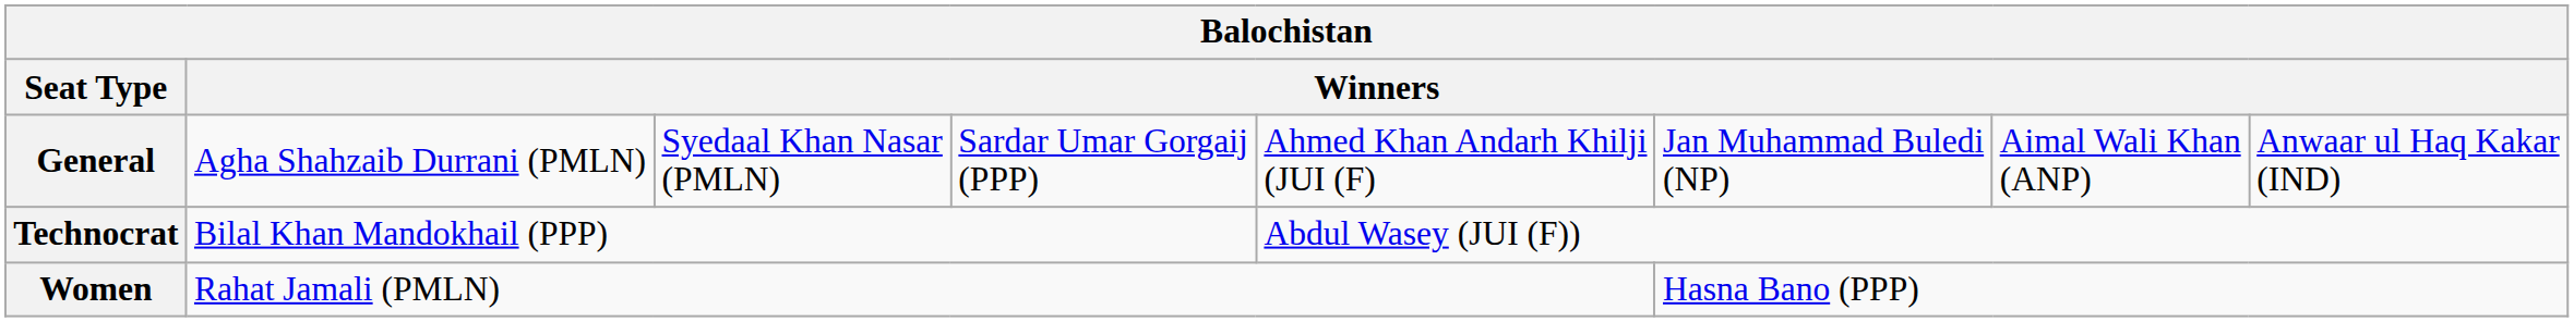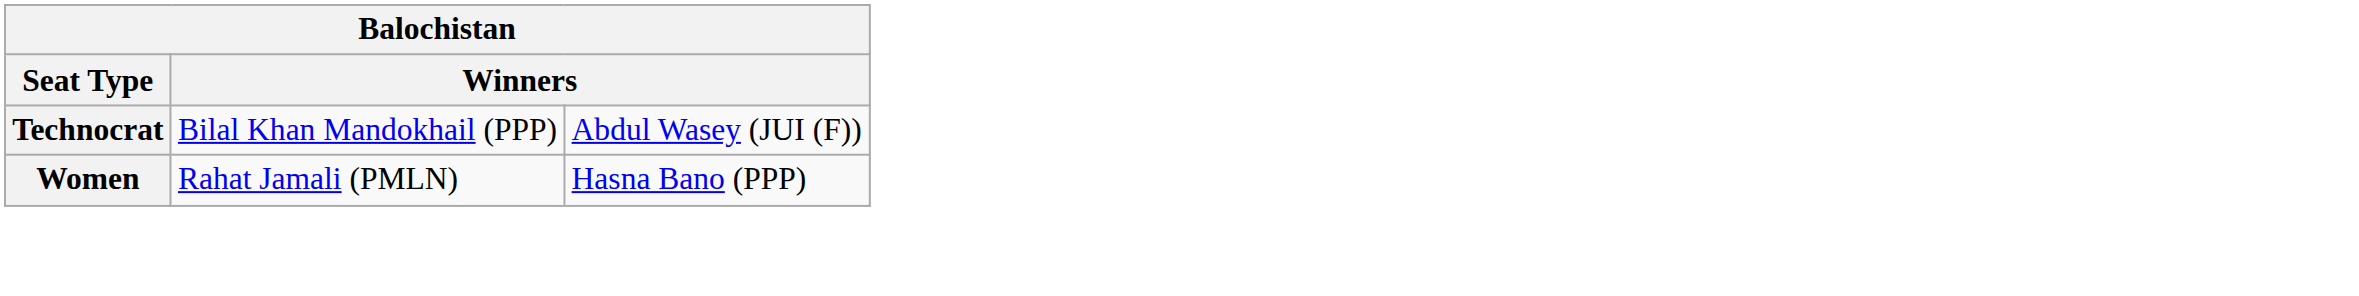 <table class="wikitable">
 <tr>
 <th colspan="8">Balochistan</th>
 </tr>
 <tr>
 <th>Seat Type</th>
 <th colspan="7">Winners</th>
-</tr>
-<tr>
-<th>General</th>
-<td style="background:"><a href='#'>Agha Shahzaib Durrani</a> (PMLN)</td>
-<td style="background:"><a href='#'>Syedaal Khan Nasar</a><br>(PMLN)</td>
-<td style="background:"><a href='#'>Sardar Umar Gorgaij</a><br>(PPP)</td>
-<td style="background:"><a href='#'>Ahmed Khan Andarh Khilji</a><br>(JUI (F)</td>
-<td style="background:"><a href='#'>Jan Muhammad Buledi</a><br>(NP)</td>
-<td style="background:"><a href='#'>Aimal Wali Khan</a><br>(ANP)</td>
-<td style="background:"><a href='#'>Anwaar ul Haq Kakar</a><br>(IND)</td>
 </tr>
 <tr>
 <th>Technocrat</th>
 <td colspan="3" style="background:"><a href='#'>Bilal Khan Mandokhail</a> (PPP)</td>
 <td colspan="4" style="background:"><a href='#'>Abdul Wasey</a> (JUI (F))</td>
 </tr>
 <tr>
 <th>Women</th>
 <td colspan="4" style="background:"><a href='#'>Rahat Jamali</a> (PMLN)</td>
 <td colspan="3" style="background:"><a href='#'>Hasna Bano</a> (PPP)</td>
 </tr>
 </table>
